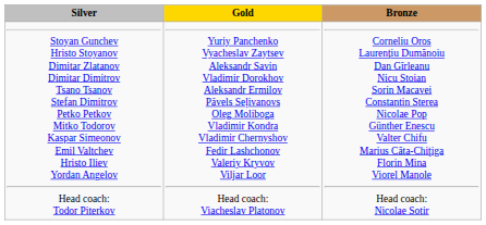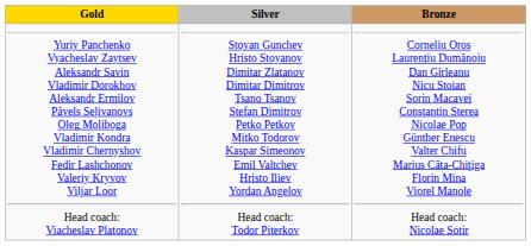 <table class="wikitable" style="text-align:center; font-size:95%;">
 <tr>
+<th style="width:15em; background:gold">Gold</th>
 <th style="width:15em; background:silver">Silver</th>
-<th style="width:15em; background:gold">Gold</th>
 <th style="width:15em; background:#cc9966">Bronze</th>
 </tr>
 <tr>
+<td><hr><a href='#'>Yuriy Panchenko</a><br><a href='#'>Vyacheslav Zaytsev</a><br><a href='#'>Aleksandr Savin</a><br><a href='#'>Vladimir Dorokhov</a><br><a href='#'>Aleksandr Ermilov</a><br><a href='#'>Pāvels Seļivanovs</a><br><a href='#'>Oleg Moliboga</a><br><a href='#'>Vladimir Kondra</a><br><a href='#'>Vladimir Chernyshov</a><br><a href='#'>Fedir Lashchonov</a><br><a href='#'>Valeriy Kryvov</a><br><a href='#'>Viljar Loor</a><br><hr>Head coach:<br><a href='#'>Viacheslav Platonov</a></td>
 <td><hr><a href='#'>Stoyan Gunchev</a><br><a href='#'>Hristo Stoyanov</a><br><a href='#'>Dimitar Zlatanov</a><br><a href='#'>Dimitar Dimitrov</a><br><a href='#'>Tsano Tsanov</a><br><a href='#'>Stefan Dimitrov</a><br><a href='#'>Petko Petkov</a><br><a href='#'>Mitko Todorov</a><br><a href='#'>Kaspar Simeonov</a><br><a href='#'>Emil Valtchev</a><br><a href='#'>Hristo Iliev</a><br><a href='#'>Yordan Angelov</a><br><hr>Head coach:<br><a href='#'>Todor Piterkov</a></td>
-<td><hr><a href='#'>Yuriy Panchenko</a><br><a href='#'>Vyacheslav Zaytsev</a><br><a href='#'>Aleksandr Savin</a><br><a href='#'>Vladimir Dorokhov</a><br><a href='#'>Aleksandr Ermilov</a><br><a href='#'>Pāvels Seļivanovs</a><br><a href='#'>Oleg Moliboga</a><br><a href='#'>Vladimir Kondra</a><br><a href='#'>Vladimir Chernyshov</a><br><a href='#'>Fedir Lashchonov</a><br><a href='#'>Valeriy Kryvov</a><br><a href='#'>Viljar Loor</a><br><hr>Head coach:<br><a href='#'>Viacheslav Platonov</a></td>
 <td><hr><a href='#'>Corneliu Oros</a><br><a href='#'>Laurenţiu Dumănoiu</a><br><a href='#'>Dan Gîrleanu</a><br><a href='#'>Nicu Stoian</a><br><a href='#'>Sorin Macavei</a><br><a href='#'>Constantin Sterea</a><br><a href='#'>Nicolae Pop</a><br><a href='#'>Günther Enescu</a><br><a href='#'>Valter Chifu</a><br><a href='#'>Marius Căta-Chiţiga</a><br><a href='#'>Florin Mina</a><br><a href='#'>Viorel Manole</a><br><hr>Head coach:<br><a href='#'>Nicolae Sotir</a></td>
 </tr>
 </table>
